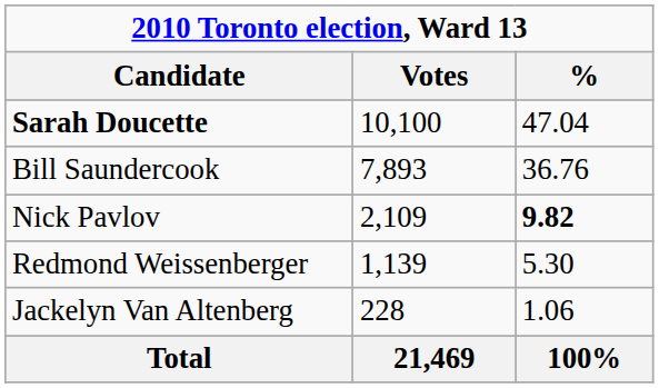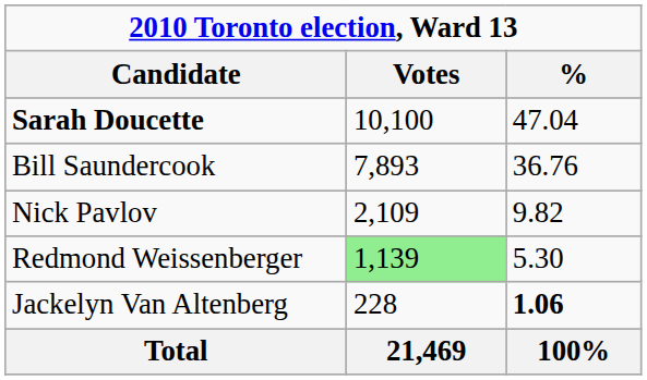 <table class="wikitable" width="350">
 <tr>
 <td Colspan="3" align="center"><strong><a href='#'>2010 Toronto election</a>, Ward 13</strong> </td>
 </tr>
 <tr>
 <th width="180px">Candidate</th>
 <th width="80px">Votes</th>
 <th>%</th>
 </tr>
 <tr>
 <td><strong>Sarah Doucette</strong></td>
 <td>10,100</td>
 <td>47.04</td>
 </tr>
 <tr>
 <td>Bill Saundercook</td>
 <td>7,893</td>
 <td>36.76</td>
 </tr>
 <tr>
 <td>Nick Pavlov</td>
 <td>2,109</td>
-<td><strong>9.82</strong></td>
+<td>9.82</td>
 </tr>
 <tr>
 <td>Redmond Weissenberger</td>
-<td>1,139</td>
+<td style="background: lightgreen;">1,139</td>
 <td>5.30</td>
 </tr>
 <tr>
 <td>Jackelyn Van Altenberg</td>
 <td>228</td>
-<td>1.06</td>
+<td><strong>1.06</strong></td>
 </tr>
 <tr>
 <th>Total</th>
 <th>21,469</th>
 <th>100%</th>
 </tr>
 </table>
